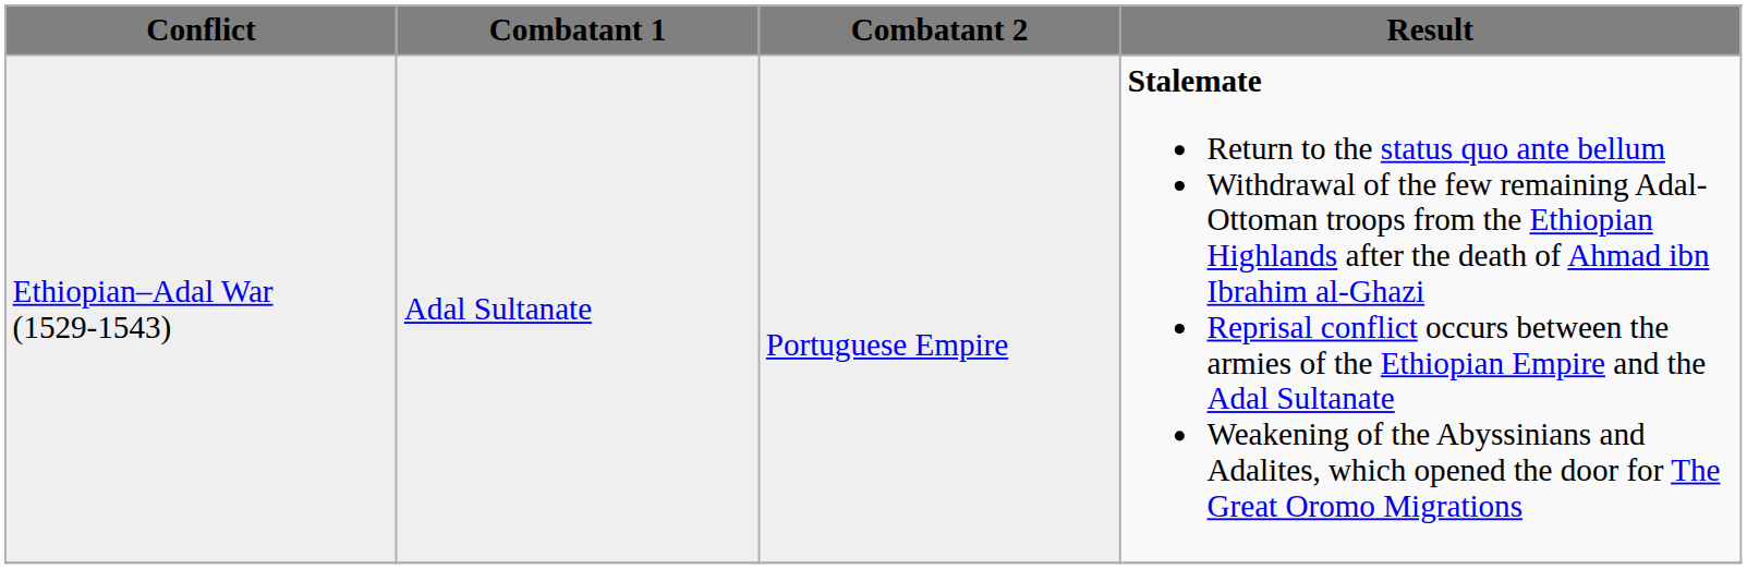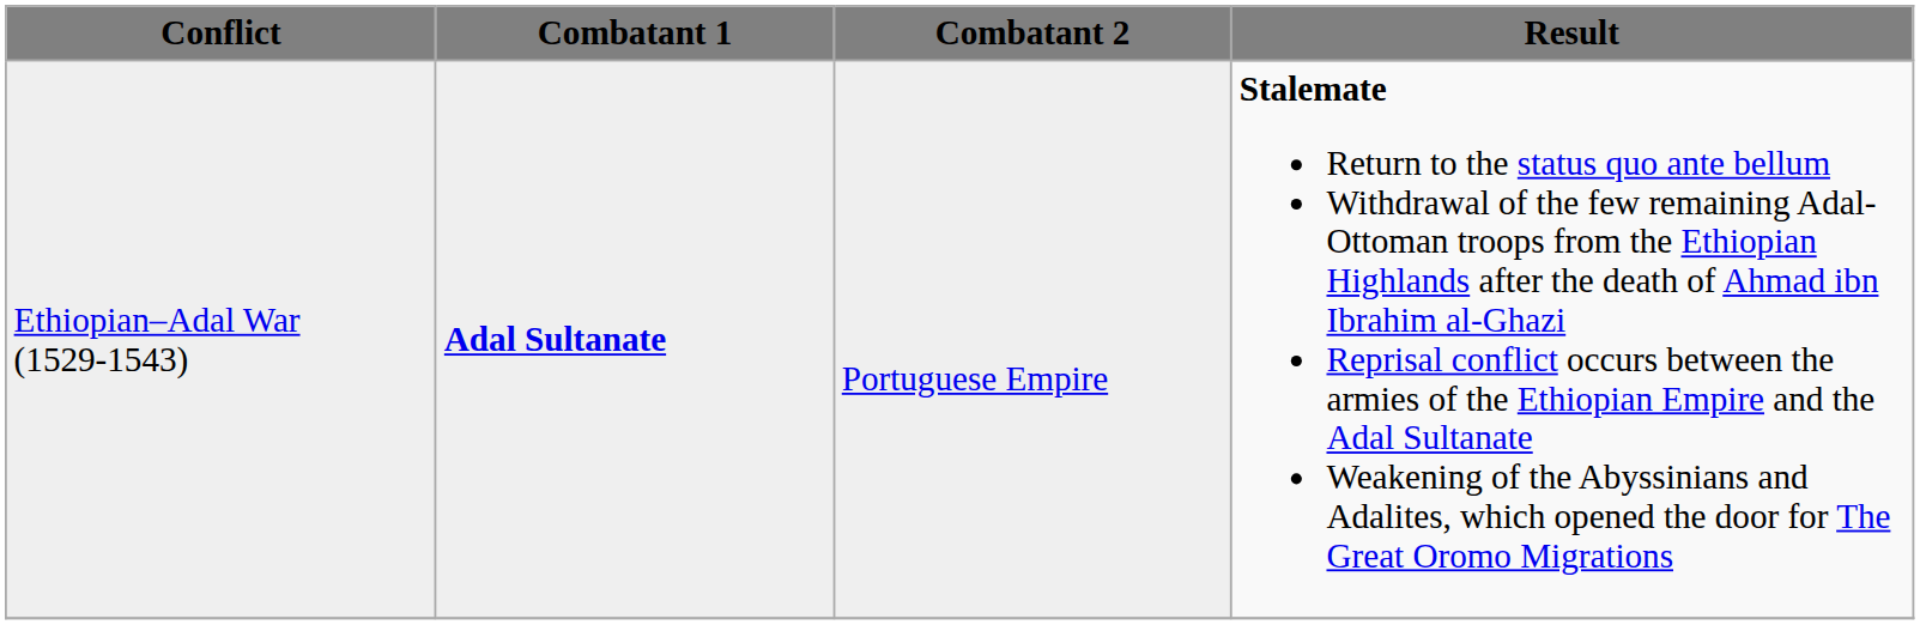 <table class="wikitable">
 <tr>
 <th style="background:grey" width="190"><span>Conflict</span></th>
 <th style="background:grey" width="175"><span>Combatant 1</span></th>
 <th style="background:grey" width="175"><span>Combatant 2</span></th>
 <th style="background:grey" width="305"><span>Result</span></th>
 </tr>
 <tr>
 <td style="background:#efefef"><a href='#'>Ethiopian–Adal War</a><br>(1529-1543)</td>
-<td style="background:#efefef"> <a href='#'>Adal Sultanate</a><br> </td>
+<td style="background:#efefef"><strong> <a href='#'>Adal Sultanate</a><br> </strong></td>
 <td style="background:#efefef"><br><br> <a href='#'>Portuguese Empire</a> </td>
 <td style="background:"><strong>Stalemate</strong><br><ul><li>Return to the <a href='#'>status quo ante bellum</a></li><li>Withdrawal of the few remaining Adal-Ottoman troops from the <a href='#'>Ethiopian Highlands</a> after the death of <a href='#'>Ahmad ibn Ibrahim al-Ghazi</a></li><li><a href='#'>Reprisal conflict</a> occurs between the armies of the <a href='#'>Ethiopian Empire</a> and the <a href='#'>Adal Sultanate</a></li><li>Weakening of the Abyssinians and Adalites, which opened the door for <a href='#'>The Great Oromo Migrations</a></li></ul></td>
 </tr>
 <tr>
 </tr>
 </table>
